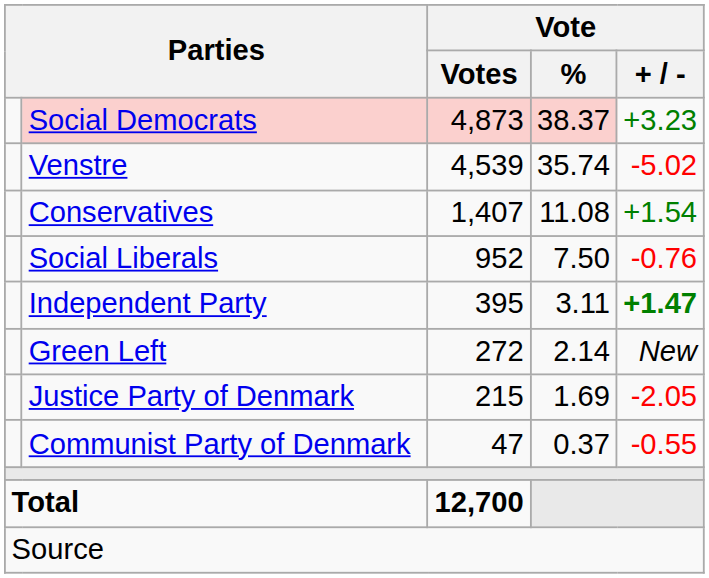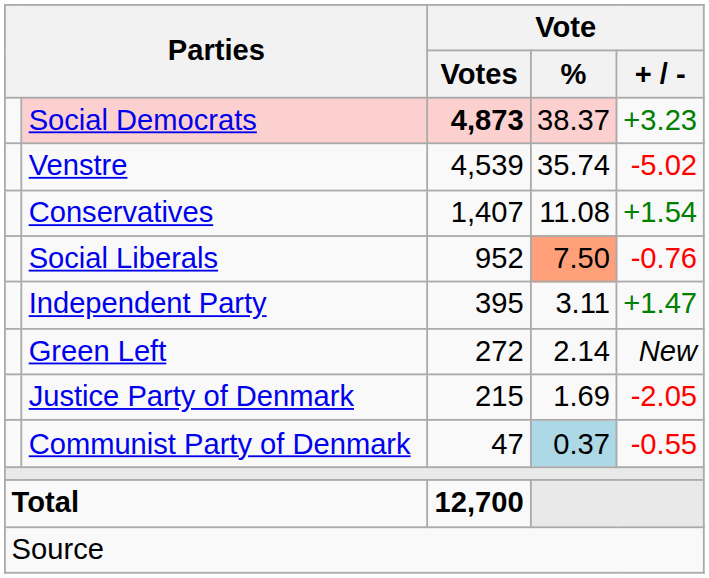 <table class="wikitable" style="text-align:right;">
 <tr>
 <th style="text-align:centre;" rowspan="2" colspan="2" width="225">Parties</th>
 <th colspan="3">Vote</th>
 </tr>
 <tr>
 <th width="15">Votes</th>
 <th width="15">%</th>
 <th width="15">+ / -</th>
 </tr>
 <tr>
 <td width="2" style="color:inherit;background:"></td>
 <td bgcolor=#fbd0ce  align="left"><a href='#'>Social Democrats</a></td>
-<td bgcolor=#fbd0ce>4,873</td>
+<td bgcolor=#fbd0ce><strong>4,873</strong></td>
 <td bgcolor=#fbd0ce>38.37</td>
 <td style=color:green;>+3.23</td>
 </tr>
 <tr>
 <td width="2" style="color:inherit;background:"></td>
 <td align="left"><a href='#'>Venstre</a></td>
 <td>4,539</td>
 <td>35.74</td>
 <td style=color:red;>-5.02</td>
 </tr>
 <tr>
 <td width="2" style="color:inherit;background:"></td>
 <td align="left"><a href='#'>Conservatives</a></td>
 <td>1,407</td>
 <td>11.08</td>
 <td style=color:green;>+1.54</td>
 </tr>
 <tr>
 <td width="2" style="color:inherit;background:"></td>
 <td align="left"><a href='#'>Social Liberals</a></td>
 <td>952</td>
-<td>7.50</td>
+<td style="background: lightsalmon;">7.50</td>
 <td style=color:red;>-0.76</td>
 </tr>
 <tr>
 <td width="2" style="color:inherit;background:"></td>
 <td align="left"><a href='#'>Independent Party</a></td>
 <td>395</td>
 <td>3.11</td>
-<td style=color:green;><strong>+1.47</strong></td>
+<td style=color:green;>+1.47</td>
 </tr>
 <tr>
 <td width="2" style="color:inherit;background:"></td>
 <td align="left"><a href='#'>Green Left</a></td>
 <td>272</td>
 <td>2.14</td>
 <td><em>New</em></td>
 </tr>
 <tr>
 <td width="2" style="color:inherit;background:"></td>
 <td align="left"><a href='#'>Justice Party of Denmark</a></td>
 <td>215</td>
 <td>1.69</td>
 <td style=color:red;>-2.05</td>
 </tr>
 <tr>
 <td width="2" style="color:inherit;background:"></td>
 <td align="left"><a href='#'>Communist Party of Denmark</a></td>
 <td>47</td>
-<td>0.37</td>
+<td style="background: lightblue;">0.37</td>
 <td style=color:red;>-0.55</td>
 </tr>
 <tr>
 <td colspan="7" bgcolor="#E9E9E9"></td>
 </tr>
 <tr>
 <td align="left" colspan="2"><strong>Total</strong></td>
 <td><strong>12,700</strong></td>
 <td bgcolor="#E9E9E9" colspan="2"></td>
 </tr>
 <tr>
 <td align="left" colspan="6">Source</td>
 </tr>
 </table>
